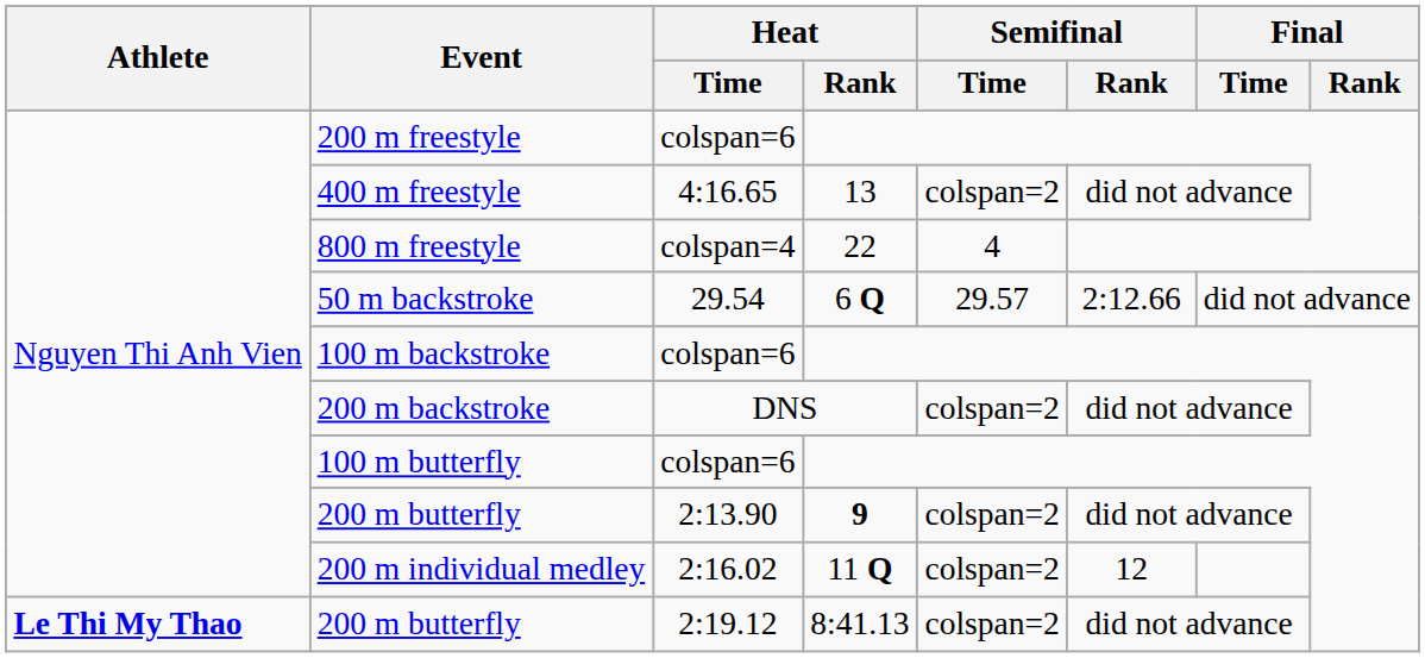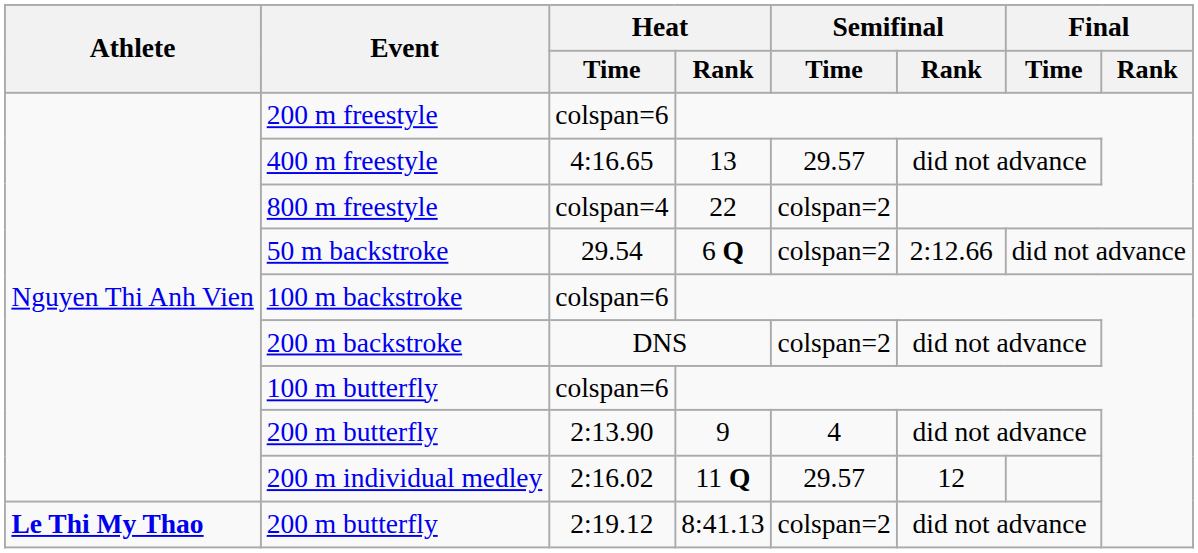 <table class=wikitable style="font-size:90%">
 <tr>
 <th rowspan=2>Athlete</th>
 <th rowspan=2>Event</th>
 <th colspan="2">Heat</th>
 <th colspan="2">Semifinal</th>
 <th colspan="2">Final</th>
 </tr>
 <tr style="font-size:95%">
 <th>Time</th>
 <th>Rank</th>
 <th>Time</th>
 <th>Rank</th>
 <th>Time</th>
 <th>Rank</th>
 </tr>
 <tr align=center>
 <td align=left rowspan=9><a href='#'>Nguyen Thi Anh Vien</a></td>
 <td align=left><a href='#'>200 m freestyle</a></td>
 <td>colspan=6 </td>
 </tr>
 <tr align=center>
 <td align=left><a href='#'>400 m freestyle</a></td>
 <td>4:16.65</td>
 <td>13</td>
-<td>colspan=2 </td>
+<td>29.57</td>
 <td colspan=2>did not advance</td>
 </tr>
 <tr align=center>
 <td align=left><a href='#'>800 m freestyle</a></td>
 <td>colspan=4 </td>
 <td>22</td>
-<td>4</td>
+<td>colspan=2 </td>
 </tr>
 <tr align=center>
 <td align=left><a href='#'>50 m backstroke</a></td>
 <td>29.54</td>
 <td>6 <strong>Q	</strong></td>
-<td>29.57</td>
+<td>colspan=2 </td>
 <td>2:12.66</td>
 <td colspan=2>did not advance</td>
 </tr>
 <tr align=center>
 <td align=left><a href='#'>100 m backstroke</a></td>
 <td>colspan=6 </td>
 </tr>
 <tr align=center>
 <td align=left><a href='#'>200 m backstroke</a></td>
 <td colspan=2>DNS</td>
 <td>colspan=2 </td>
 <td colspan=2>did not advance</td>
 </tr>
 <tr align=center>
 <td align=left><a href='#'>100 m butterfly</a></td>
 <td>colspan=6 </td>
 </tr>
 <tr align=center>
 <td align=left><a href='#'>200 m butterfly</a></td>
 <td>2:13.90</td>
-<td><strong>9</strong></td>
-<td>colspan=2 </td>
+<td>9</td>
+<td>4</td>
 <td colspan=2>did not advance</td>
 </tr>
 <tr align=center>
 <td align=left><a href='#'>200 m individual medley</a></td>
 <td>2:16.02</td>
 <td>11 <strong>Q</strong></td>
-<td>colspan=2 </td>
+<td>29.57</td>
 <td>12</td>
 <td></td>
 </tr>
 <tr align=center>
 <td align=left><strong><a href='#'>Le Thi My Thao</a></strong></td>
 <td align=left><a href='#'>200 m butterfly</a></td>
 <td>2:19.12</td>
 <td>8:41.13</td>
 <td>colspan=2 </td>
 <td colspan=2>did not advance</td>
 </tr>
 </table>
